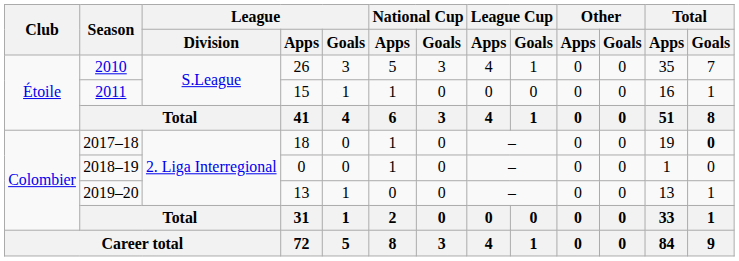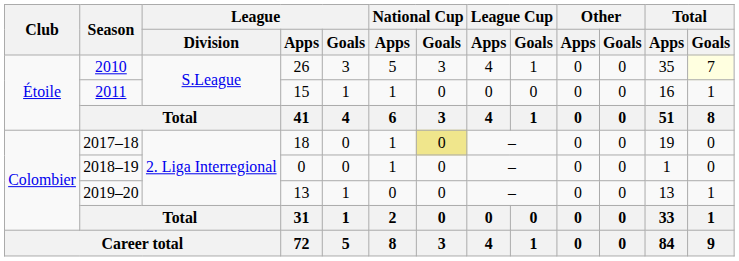 <table class="wikitable" style="text-align: center">
 <tr>
 <th rowspan="2">Club</th>
 <th rowspan="2">Season</th>
 <th colspan="3">League</th>
 <th colspan="2">National Cup</th>
 <th colspan="2">League Cup</th>
 <th colspan="2">Other</th>
 <th colspan="2">Total</th>
 </tr>
 <tr>
 <th>Division</th>
 <th>Apps</th>
 <th>Goals</th>
 <th>Apps</th>
 <th>Goals</th>
 <th>Apps</th>
 <th>Goals</th>
 <th>Apps</th>
 <th>Goals</th>
 <th>Apps</th>
 <th>Goals</th>
 </tr>
 <tr>
 <td rowspan="3"><a href='#'>Étoile</a></td>
 <td><a href='#'>2010</a></td>
 <td rowspan="2"><a href='#'>S.League</a></td>
 <td>26</td>
 <td>3</td>
 <td>5</td>
 <td>3</td>
 <td>4</td>
 <td>1</td>
 <td>0</td>
 <td>0</td>
 <td>35</td>
-<td>7</td>
+<td style="background: lightyellow;">7</td>
 </tr>
 <tr>
 <td><a href='#'>2011</a></td>
 <td>15</td>
 <td>1</td>
 <td>1</td>
 <td>0</td>
 <td>0</td>
 <td>0</td>
 <td>0</td>
 <td>0</td>
 <td>16</td>
 <td>1</td>
 </tr>
 <tr>
 <th colspan="2"><strong>Total</strong></th>
 <th>41</th>
 <th>4</th>
 <th>6</th>
 <th>3</th>
 <th>4</th>
 <th>1</th>
 <th>0</th>
 <th>0</th>
 <th>51</th>
 <th>8</th>
 </tr>
 <tr>
 <td rowspan="4"><a href='#'>Colombier</a></td>
 <td>2017–18</td>
 <td rowspan="3"><a href='#'>2. Liga Interregional</a></td>
 <td>18</td>
 <td>0</td>
 <td>1</td>
-<td>0</td>
+<td style="background: khaki;">0</td>
 <td colspan="2">–</td>
 <td>0</td>
 <td>0</td>
 <td>19</td>
-<td><strong>0</strong></td>
+<td>0</td>
 </tr>
 <tr>
 <td>2018–19</td>
 <td>0</td>
 <td>0</td>
 <td>1</td>
 <td>0</td>
 <td colspan="2">–</td>
 <td>0</td>
 <td>0</td>
 <td>1</td>
 <td>0</td>
 </tr>
 <tr>
 <td>2019–20</td>
 <td>13</td>
 <td>1</td>
 <td>0</td>
 <td>0</td>
 <td colspan="2">–</td>
 <td>0</td>
 <td>0</td>
 <td>13</td>
 <td>1</td>
 </tr>
 <tr>
 <th colspan="2"><strong>Total</strong></th>
 <th>31</th>
 <th>1</th>
 <th>2</th>
 <th>0</th>
 <th>0</th>
 <th>0</th>
 <th>0</th>
 <th>0</th>
 <th>33</th>
 <th>1</th>
 </tr>
 <tr>
 <th colspan="3"><strong>Career total</strong></th>
 <th>72</th>
 <th>5</th>
 <th>8</th>
 <th>3</th>
 <th>4</th>
 <th>1</th>
 <th>0</th>
 <th>0</th>
 <th>84</th>
 <th>9</th>
 </tr>
 </table>
